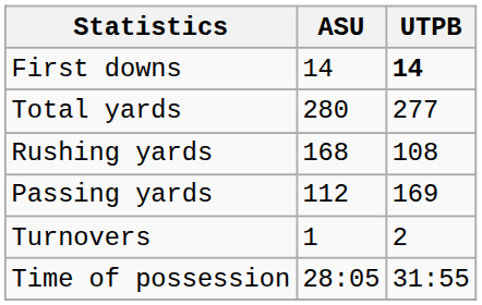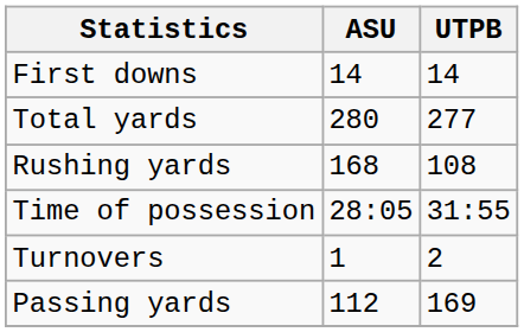 <table class="wikitable" style="float: left;">
 <tr>
 <th>Statistics</th>
 <th>ASU</th>
 <th>UTPB</th>
 </tr>
 <tr>
 <td>First downs</td>
 <td>14</td>
-<td><strong>14</strong></td>
+<td>14</td>
 </tr>
 <tr>
 <td>Total yards</td>
 <td>280</td>
 <td>277</td>
 </tr>
 <tr>
 <td>Rushing yards</td>
 <td>168</td>
 <td>108</td>
 </tr>
 <tr>
-<td>Passing yards</td>
-<td>112</td>
-<td>169</td>
+<td>Time of possession</td>
+<td>28:05</td>
+<td>31:55</td>
 </tr>
 <tr>
 <td>Turnovers</td>
 <td>1</td>
 <td>2</td>
 </tr>
 <tr>
-<td>Time of possession</td>
-<td>28:05</td>
-<td>31:55</td>
+<td>Passing yards</td>
+<td>112</td>
+<td>169</td>
 </tr>
 <tr>
 </tr>
 </table>
